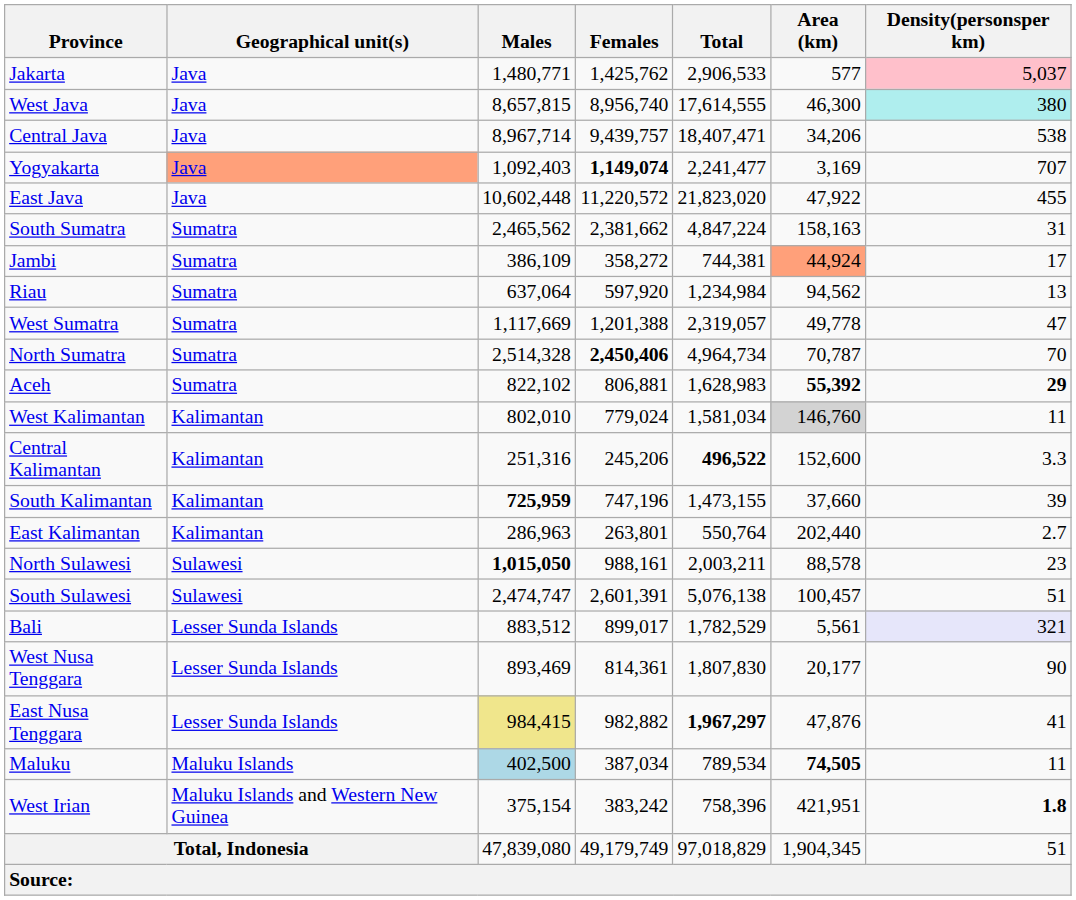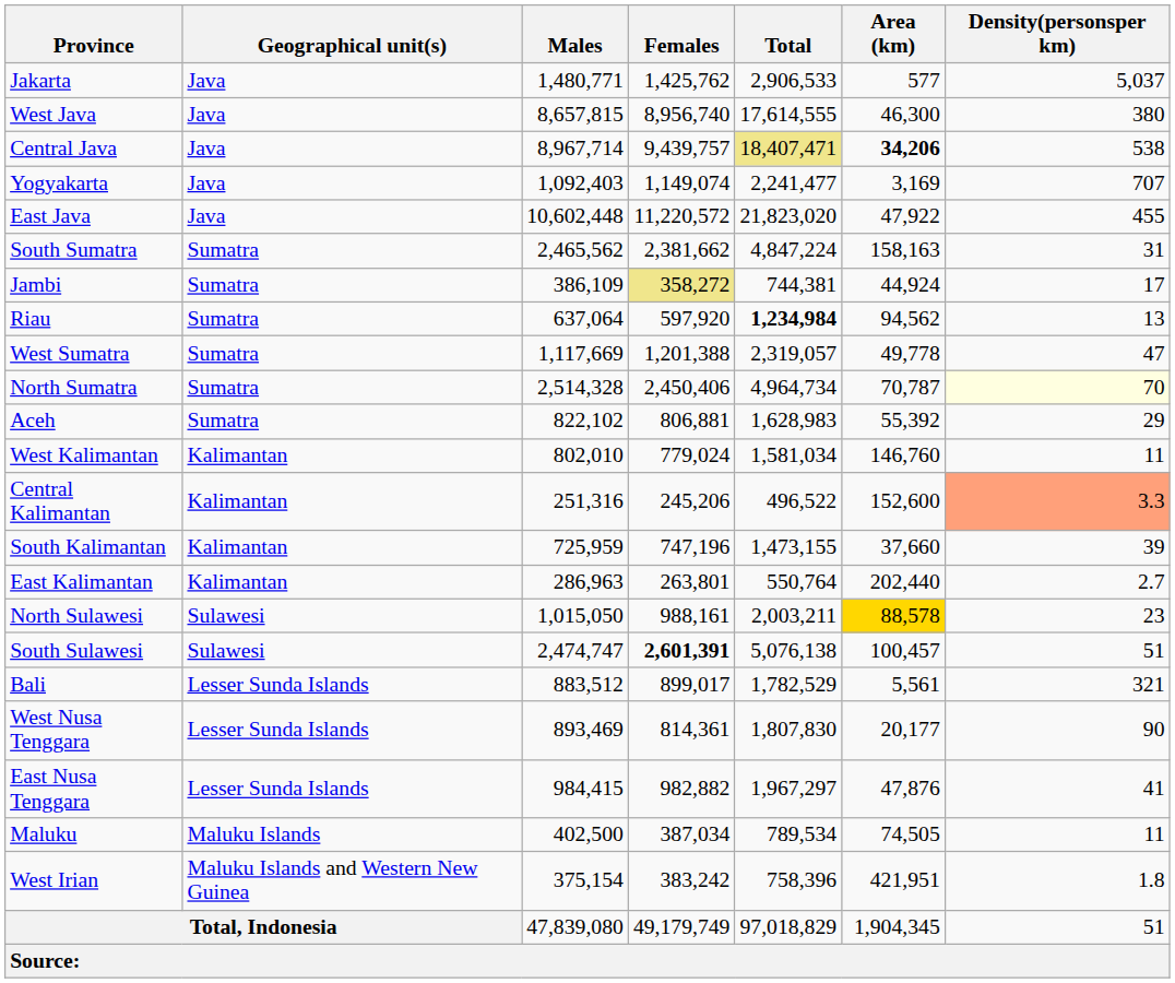 <table class="wikitable sortable static-row-numbers plainrowheaders" style="text-align: right">
 <tr class="static-row-header" style="vertical-align: bottom">
 <th scope="col">Province</th>
 <th scope="col">Geographical unit(s)</th>
 <th scope="col">Males</th>
 <th scope="col">Females</th>
 <th scope="col">Total</th>
 <th scope="col">Area (km)</th>
 <th scope="col">Density(personsper km)</th>
 </tr>
 <tr>
 <td style="text-align: left"><a href='#'>Jakarta</a></td>
 <td style="text-align: left"><a href='#'>Java</a></td>
 <td>1,480,771</td>
 <td>1,425,762</td>
 <td>2,906,533</td>
 <td>577</td>
-<td style="background: pink;">5,037</td>
+<td>5,037</td>
 </tr>
 <tr>
 <td style="text-align: left"><a href='#'>West Java</a></td>
 <td style="text-align: left"><a href='#'>Java</a></td>
 <td>8,657,815</td>
 <td>8,956,740</td>
 <td>17,614,555</td>
 <td>46,300</td>
-<td style="background: paleturquoise;">380</td>
+<td>380</td>
 </tr>
 <tr>
 <td style="text-align: left"><a href='#'>Central Java</a></td>
 <td style="text-align: left"><a href='#'>Java</a></td>
 <td>8,967,714</td>
 <td>9,439,757</td>
-<td>18,407,471</td>
-<td>34,206</td>
+<td style="background: khaki;">18,407,471</td>
+<td><strong>34,206</strong></td>
 <td>538</td>
 </tr>
 <tr>
 <td style="text-align: left"><a href='#'>Yogyakarta</a></td>
-<td style="background: lightsalmon; text-align: left"><a href='#'>Java</a></td>
+<td style="text-align: left"><a href='#'>Java</a></td>
 <td>1,092,403</td>
-<td><strong>1,149,074</strong></td>
+<td>1,149,074</td>
 <td>2,241,477</td>
 <td>3,169</td>
 <td>707</td>
 </tr>
 <tr>
 <td style="text-align: left"><a href='#'>East Java</a></td>
 <td style="text-align: left"><a href='#'>Java</a></td>
 <td>10,602,448</td>
 <td>11,220,572</td>
 <td>21,823,020</td>
 <td>47,922</td>
 <td>455</td>
 </tr>
 <tr>
 <td style="text-align: left"><a href='#'>South Sumatra</a></td>
 <td style="text-align: left"><a href='#'>Sumatra</a></td>
 <td>2,465,562</td>
 <td>2,381,662</td>
 <td>4,847,224</td>
 <td>158,163</td>
 <td>31</td>
 </tr>
 <tr>
 <td style="text-align: left"><a href='#'>Jambi</a></td>
 <td style="text-align: left"><a href='#'>Sumatra</a></td>
 <td>386,109</td>
-<td>358,272</td>
+<td style="background: khaki;">358,272</td>
 <td>744,381</td>
-<td style="background: lightsalmon;">44,924</td>
+<td>44,924</td>
 <td>17</td>
 </tr>
 <tr>
 <td style="text-align: left"><a href='#'>Riau</a></td>
 <td style="text-align: left"><a href='#'>Sumatra</a></td>
 <td>637,064</td>
 <td>597,920</td>
-<td>1,234,984</td>
+<td><strong>1,234,984</strong></td>
 <td>94,562</td>
 <td>13</td>
 </tr>
 <tr>
 <td style="text-align: left"><a href='#'>West Sumatra</a></td>
 <td style="text-align: left"><a href='#'>Sumatra</a></td>
 <td>1,117,669</td>
 <td>1,201,388</td>
 <td>2,319,057</td>
 <td>49,778</td>
 <td>47</td>
 </tr>
 <tr>
 <td style="text-align: left"><a href='#'>North Sumatra</a></td>
 <td style="text-align: left"><a href='#'>Sumatra</a></td>
 <td>2,514,328</td>
-<td><strong>2,450,406</strong></td>
+<td>2,450,406</td>
 <td>4,964,734</td>
 <td>70,787</td>
-<td>70</td>
+<td style="background: lightyellow;">70</td>
 </tr>
 <tr>
 <td style="text-align: left"><a href='#'>Aceh</a></td>
 <td style="text-align: left"><a href='#'>Sumatra</a></td>
 <td>822,102</td>
 <td>806,881</td>
 <td>1,628,983</td>
-<td><strong>55,392</strong></td>
-<td><strong>29</strong></td>
+<td>55,392</td>
+<td>29</td>
 </tr>
 <tr>
 <td style="text-align: left"><a href='#'>West Kalimantan</a></td>
 <td style="text-align: left"><a href='#'>Kalimantan</a></td>
 <td>802,010</td>
 <td>779,024</td>
 <td>1,581,034</td>
-<td style="background: lightgrey;">146,760</td>
+<td>146,760</td>
 <td>11</td>
 </tr>
 <tr>
 <td style="text-align: left"><a href='#'>Central Kalimantan</a></td>
 <td style="text-align: left"><a href='#'>Kalimantan</a></td>
 <td>251,316</td>
 <td>245,206</td>
-<td><strong>496,522</strong></td>
+<td>496,522</td>
 <td>152,600</td>
-<td>3.3</td>
+<td style="background: lightsalmon;">3.3</td>
 </tr>
 <tr>
 <td style="text-align: left"><a href='#'>South Kalimantan</a></td>
 <td style="text-align: left"><a href='#'>Kalimantan</a></td>
-<td><strong>725,959</strong></td>
+<td>725,959</td>
 <td>747,196</td>
 <td>1,473,155</td>
 <td>37,660</td>
 <td>39</td>
 </tr>
 <tr>
 <td style="text-align: left"><a href='#'>East Kalimantan</a></td>
 <td style="text-align: left"><a href='#'>Kalimantan</a></td>
 <td>286,963</td>
 <td>263,801</td>
 <td>550,764</td>
 <td>202,440</td>
 <td>2.7</td>
 </tr>
 <tr>
 <td style="text-align: left"><a href='#'>North Sulawesi</a></td>
 <td style="text-align: left"><a href='#'>Sulawesi</a></td>
-<td><strong>1,015,050</strong></td>
+<td>1,015,050</td>
 <td>988,161</td>
 <td>2,003,211</td>
-<td>88,578</td>
+<td style="background: gold;">88,578</td>
 <td>23</td>
 </tr>
 <tr>
 <td style="text-align: left"><a href='#'>South Sulawesi</a></td>
 <td style="text-align: left"><a href='#'>Sulawesi</a></td>
 <td>2,474,747</td>
-<td>2,601,391</td>
+<td><strong>2,601,391</strong></td>
 <td>5,076,138</td>
 <td>100,457</td>
 <td>51</td>
 </tr>
 <tr>
 <td style="text-align: left"><a href='#'>Bali</a></td>
 <td style="text-align: left"><a href='#'>Lesser Sunda Islands</a></td>
 <td>883,512</td>
 <td>899,017</td>
 <td>1,782,529</td>
 <td>5,561</td>
-<td style="background: lavender;">321</td>
+<td>321</td>
 </tr>
 <tr>
 <td style="text-align: left"><a href='#'>West Nusa Tenggara</a></td>
 <td style="text-align: left"><a href='#'>Lesser Sunda Islands</a></td>
 <td>893,469</td>
 <td>814,361</td>
 <td>1,807,830</td>
 <td>20,177</td>
 <td>90</td>
 </tr>
 <tr>
 <td style="text-align: left"><a href='#'>East Nusa Tenggara</a></td>
 <td style="text-align: left"><a href='#'>Lesser Sunda Islands</a></td>
-<td style="background: khaki;">984,415</td>
+<td>984,415</td>
 <td>982,882</td>
-<td><strong>1,967,297</strong></td>
+<td>1,967,297</td>
 <td>47,876</td>
 <td>41</td>
 </tr>
 <tr>
 <td style="text-align: left"><a href='#'>Maluku</a></td>
 <td style="text-align: left"><a href='#'>Maluku Islands</a></td>
-<td style="background: lightblue;">402,500</td>
+<td>402,500</td>
 <td>387,034</td>
 <td>789,534</td>
-<td><strong>74,505</strong></td>
+<td>74,505</td>
 <td>11</td>
 </tr>
 <tr>
 <td style="text-align: left"><a href='#'>West Irian</a></td>
 <td style="text-align: left"><a href='#'>Maluku Islands</a> and <a href='#'>Western New Guinea</a></td>
 <td>375,154</td>
 <td>383,242</td>
 <td>758,396</td>
 <td>421,951</td>
-<td><strong>1.8</strong></td>
+<td>1.8</td>
 </tr>
 <tr class="sortbottom static-row-header">
 <th scope="row" colspan="2"><strong>Total, Indonesia</strong></th>
 <td>47,839,080</td>
 <td>49,179,749</td>
 <td>97,018,829</td>
 <td>1,904,345</td>
 <td>51</td>
 </tr>
 <tr class="sortbottom static-row-header">
 <th scope="row" colspan="7" style="text-align: left"><strong>Source:</strong> </th>
 </tr>
 </table>
